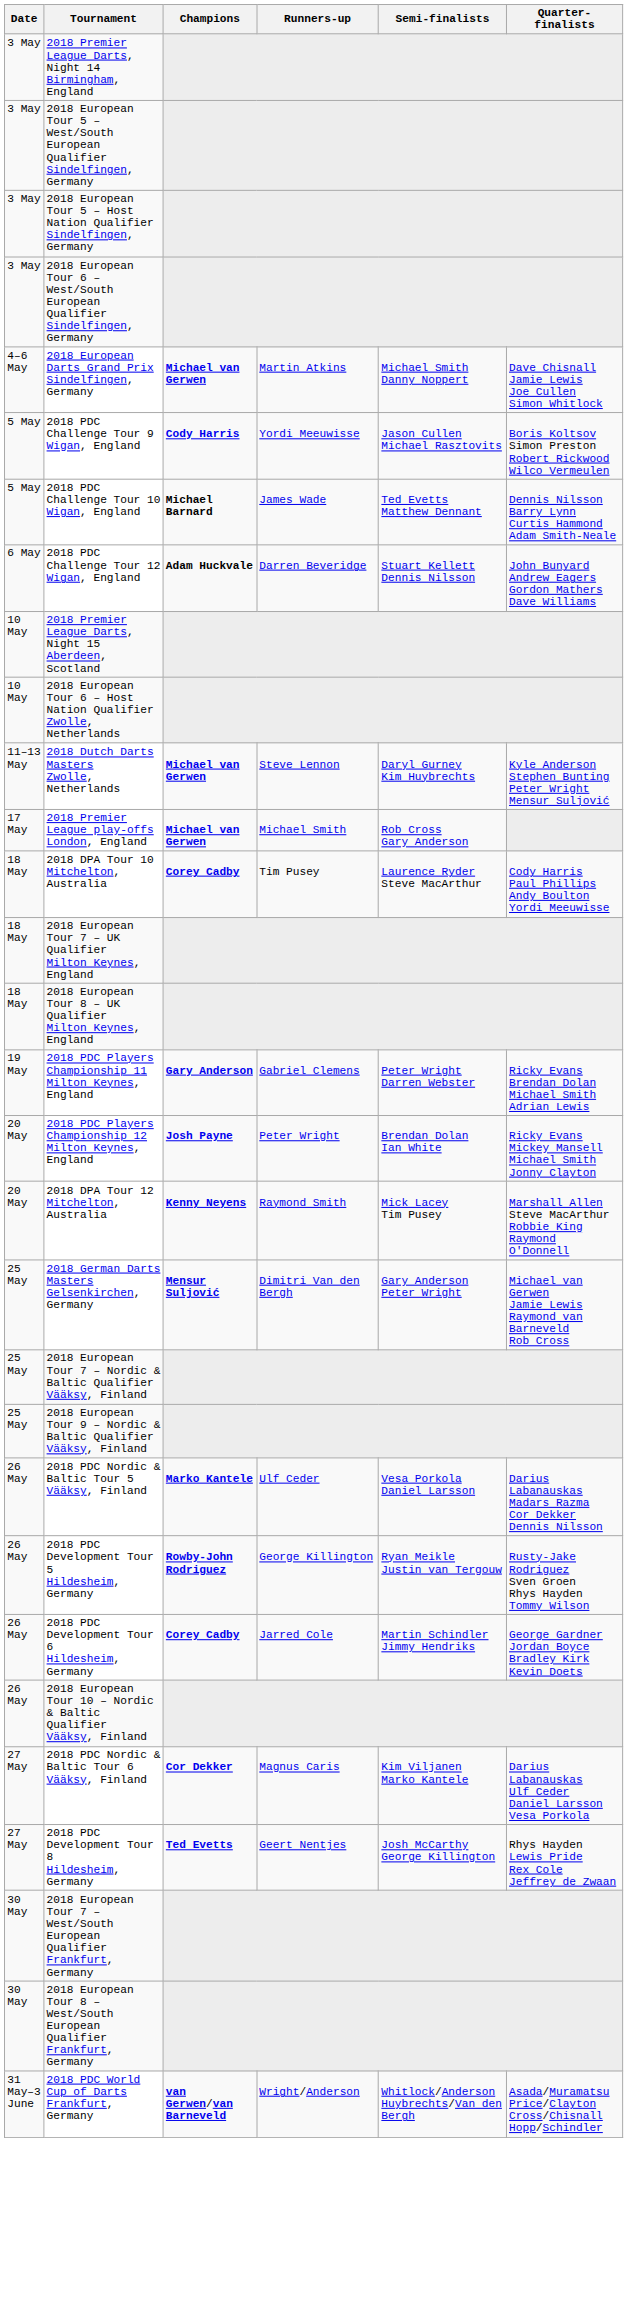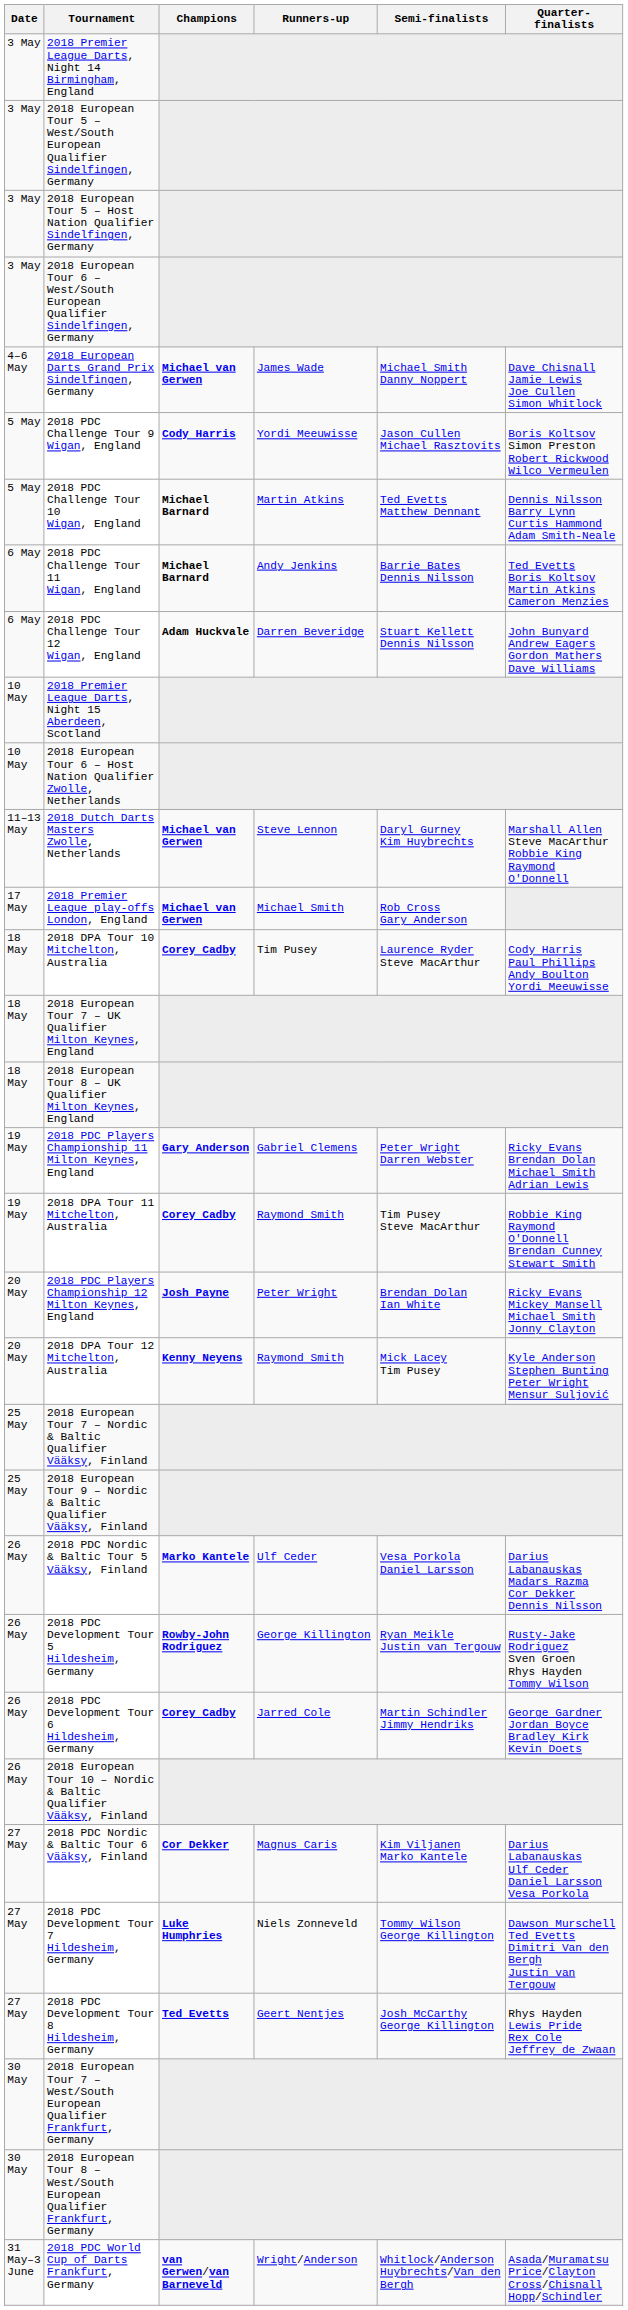 <table class=wikitable style=font-size:85%>
 <tr>
 <th width=75>Date</th>
 <th width=230>Tournament</th>
 <th width=210>Champions</th>
 <th width=210>Runners-up</th>
 <th width=170>Semi-finalists</th>
 <th width=170>Quarter-finalists</th>
 </tr>
 <tr valign="top">
 <td rowspan=1>3 May</td>
 <td><a href='#'>2018 Premier League Darts</a>, Night 14 <br><a href='#'>Birmingham</a>, England</td>
 <td colspan=4 bgcolor="#ededed"></td>
 </tr>
 <tr valign="top">
 <td rowspan=1>3 May</td>
 <td>2018 European Tour 5 – West/South European Qualifier <br><a href='#'>Sindelfingen</a>, Germany</td>
 <td colspan=4 bgcolor="#ededed"></td>
 </tr>
 <tr valign="top">
 <td rowspan=1>3 May</td>
 <td>2018 European Tour 5 – Host Nation Qualifier <br><a href='#'>Sindelfingen</a>, Germany</td>
 <td colspan=4 bgcolor="#ededed"></td>
 </tr>
 <tr valign="top">
 <td rowspan=1>3 May</td>
 <td>2018 European Tour 6 – West/South European Qualifier <br><a href='#'>Sindelfingen</a>, Germany</td>
 <td colspan=4 bgcolor="#ededed"></td>
 </tr>
 <tr valign="top">
 <td>4–6 May</td>
 <td bgcolor="#ffffff"><a href='#'>2018 European Darts Grand Prix</a><br><a href='#'>Sindelfingen</a>, Germany</td>
 <td><br> <strong><a href='#'>Michael van Gerwen</a></strong></td>
-<td><br> <a href='#'>Martin Atkins</a></td>
+<td><br> <a href='#'>James Wade</a></td>
 <td><br> <a href='#'>Michael Smith</a> <br>  <a href='#'>Danny Noppert</a></td>
 <td><br> <a href='#'>Dave Chisnall</a> <br>  <a href='#'>Jamie Lewis</a> <br>  <a href='#'>Joe Cullen</a> <br>  <a href='#'>Simon Whitlock</a></td>
 </tr>
 <tr valign="top">
 <td>5 May</td>
 <td bgcolor="#ffffff">2018 PDC Challenge Tour 9<br><a href='#'>Wigan</a>, England</td>
 <td><br> <strong><a href='#'>Cody Harris</a></strong></td>
 <td><br> <a href='#'>Yordi Meeuwisse</a></td>
 <td><br> <a href='#'>Jason Cullen</a> <br>  <a href='#'>Michael Rasztovits</a></td>
 <td><br> <a href='#'>Boris Koltsov</a> <br>  Simon Preston <br>  <a href='#'>Robert Rickwood</a> <br>  <a href='#'>Wilco Vermeulen</a></td>
 </tr>
 <tr valign="top">
 <td>5 May</td>
 <td bgcolor="#ffffff">2018 PDC Challenge Tour 10<br><a href='#'>Wigan</a>, England</td>
 <td><br> <strong>Michael Barnard</strong></td>
-<td><br> <a href='#'>James Wade</a></td>
+<td><br> <a href='#'>Martin Atkins</a></td>
 <td><br> <a href='#'>Ted Evetts</a> <br>  <a href='#'>Matthew Dennant</a></td>
 <td><br> <a href='#'>Dennis Nilsson</a> <br>  <a href='#'>Barry Lynn</a> <br>  <a href='#'>Curtis Hammond</a> <br>  <a href='#'>Adam Smith-Neale</a></td>
+</tr>
+<tr valign="top">
+<td>6 May</td>
+<td bgcolor="#ffffff">2018 PDC Challenge Tour 11<br><a href='#'>Wigan</a>, England</td>
+<td><br> <strong>Michael Barnard</strong></td>
+<td><br> <a href='#'>Andy Jenkins</a></td>
+<td><br> <a href='#'>Barrie Bates</a> <br>  <a href='#'>Dennis Nilsson</a></td>
+<td><br> <a href='#'>Ted Evetts</a> <br>  <a href='#'>Boris Koltsov</a> <br>  <a href='#'>Martin Atkins</a> <br>  <a href='#'>Cameron Menzies</a></td>
 </tr>
 <tr valign="top">
 <td>6 May</td>
 <td bgcolor="#ffffff">2018 PDC Challenge Tour 12<br><a href='#'>Wigan</a>, England</td>
 <td><br> <strong>Adam Huckvale</strong></td>
 <td><br> <a href='#'>Darren Beveridge</a></td>
 <td><br> <a href='#'>Stuart Kellett</a> <br>  <a href='#'>Dennis Nilsson</a></td>
 <td><br> <a href='#'>John Bunyard</a> <br>  <a href='#'>Andrew Eagers</a> <br>  <a href='#'>Gordon Mathers</a> <br>  <a href='#'>Dave Williams</a></td>
 </tr>
 <tr valign="top">
 <td rowspan=1>10 May</td>
 <td><a href='#'>2018 Premier League Darts</a>, Night 15<br><a href='#'>Aberdeen</a>, Scotland</td>
 <td colspan=4 bgcolor="#ededed"></td>
 </tr>
 <tr valign="top">
 <td rowspan=1>10 May</td>
 <td>2018 European Tour 6 – Host Nation Qualifier <br><a href='#'>Zwolle</a>, Netherlands</td>
 <td colspan=4 bgcolor="#ededed"></td>
 </tr>
 <tr valign="top">
 <td>11–13 May</td>
 <td bgcolor="#ffffff"><a href='#'>2018 Dutch Darts Masters</a><br><a href='#'>Zwolle</a>, Netherlands</td>
 <td><br> <strong><a href='#'>Michael van Gerwen</a></strong></td>
 <td><br> <a href='#'>Steve Lennon</a></td>
 <td><br> <a href='#'>Daryl Gurney</a> <br>  <a href='#'>Kim Huybrechts</a></td>
-<td><br> <a href='#'>Kyle Anderson</a> <br>  <a href='#'>Stephen Bunting</a> <br>  <a href='#'>Peter Wright</a> <br>  <a href='#'>Mensur Suljović</a></td>
+<td><br> <a href='#'>Marshall Allen</a> <br>  Steve MacArthur <br>  <a href='#'>Robbie King</a> <br>  <a href='#'>Raymond O'Donnell</a></td>
 </tr>
 <tr valign="top">
 <td>17 May</td>
 <td bgcolor="#ffffff"><a href='#'>2018 Premier League play-offs</a><br><a href='#'>London</a>, England</td>
 <td><br> <strong><a href='#'>Michael van Gerwen</a></strong></td>
 <td><br> <a href='#'>Michael Smith</a></td>
 <td><br> <a href='#'>Rob Cross</a> <br>  <a href='#'>Gary Anderson</a></td>
 <td bgcolor="#ededed"></td>
 </tr>
 <tr valign="top">
 <td>18 May</td>
 <td bgcolor="#ffffff">2018 DPA Tour 10<br><a href='#'>Mitchelton</a>, Australia</td>
 <td><br> <strong><a href='#'>Corey Cadby</a></strong></td>
 <td><br> Tim Pusey</td>
 <td><br> <a href='#'>Laurence Ryder</a> <br>  Steve MacArthur</td>
 <td><br> <a href='#'>Cody Harris</a> <br>  <a href='#'>Paul Phillips</a> <br>  <a href='#'>Andy Boulton</a> <br>  <a href='#'>Yordi Meeuwisse</a></td>
 </tr>
 <tr valign="top">
 <td rowspan=1>18 May</td>
 <td>2018 European Tour 7 – UK Qualifier <br><a href='#'>Milton Keynes</a>, England</td>
 <td colspan=4 bgcolor="#ededed"></td>
 </tr>
 <tr valign="top">
 <td rowspan=1>18 May</td>
 <td>2018 European Tour 8 – UK Qualifier <br><a href='#'>Milton Keynes</a>, England</td>
 <td colspan=4 bgcolor="#ededed"></td>
 </tr>
 <tr valign="top">
 <td>19 May</td>
 <td bgcolor="#ffffff"><a href='#'>2018 PDC Players Championship 11</a><br><a href='#'>Milton Keynes</a>, England</td>
 <td><br> <strong><a href='#'>Gary Anderson</a></strong></td>
 <td><br> <a href='#'>Gabriel Clemens</a></td>
 <td><br> <a href='#'>Peter Wright</a> <br>  <a href='#'>Darren Webster</a></td>
 <td><br> <a href='#'>Ricky Evans</a> <br>  <a href='#'>Brendan Dolan</a> <br>  <a href='#'>Michael Smith</a> <br>  <a href='#'>Adrian Lewis</a></td>
 </tr>
 <tr valign="top">
+<td>19 May</td>
+<td bgcolor="#ffffff">2018 DPA Tour 11<br><a href='#'>Mitchelton</a>, Australia</td>
+<td><br> <strong><a href='#'>Corey Cadby</a></strong></td>
+<td><br> <a href='#'>Raymond Smith</a></td>
+<td><br> Tim Pusey <br>  Steve MacArthur</td>
+<td><br> <a href='#'>Robbie King</a> <br>  <a href='#'>Raymond O'Donnell</a> <br>  <a href='#'>Brendan Cunney</a> <br>  <a href='#'>Stewart Smith</a></td>
+</tr>
+<tr valign="top">
 <td>20 May</td>
 <td bgcolor="#ffffff"><a href='#'>2018 PDC Players Championship 12</a><br><a href='#'>Milton Keynes</a>, England</td>
 <td><br> <strong><a href='#'>Josh Payne</a></strong></td>
 <td><br> <a href='#'>Peter Wright</a></td>
 <td><br> <a href='#'>Brendan Dolan</a> <br>  <a href='#'>Ian White</a></td>
 <td><br> <a href='#'>Ricky Evans</a> <br>  <a href='#'>Mickey Mansell</a> <br>  <a href='#'>Michael Smith</a> <br>  <a href='#'>Jonny Clayton</a></td>
 </tr>
 <tr valign="top">
 <td>20 May</td>
 <td bgcolor="#ffffff">2018 DPA Tour 12<br><a href='#'>Mitchelton</a>, Australia</td>
 <td><br> <strong><a href='#'>Kenny Neyens</a></strong></td>
 <td><br> <a href='#'>Raymond Smith</a></td>
 <td><br> <a href='#'>Mick Lacey</a> <br>  Tim Pusey</td>
-<td><br> <a href='#'>Marshall Allen</a> <br>  Steve MacArthur <br>  <a href='#'>Robbie King</a> <br>  <a href='#'>Raymond O'Donnell</a></td>
-</tr>
-<tr valign="top">
-<td>25 May</td>
-<td bgcolor="#ffffff"><a href='#'>2018 German Darts Masters</a><br><a href='#'>Gelsenkirchen</a>, Germany</td>
-<td><br> <strong><a href='#'>Mensur Suljović</a></strong></td>
-<td><br> <a href='#'>Dimitri Van den Bergh</a></td>
-<td><br> <a href='#'>Gary Anderson</a> <br>  <a href='#'>Peter Wright</a></td>
-<td><br> <a href='#'>Michael van Gerwen</a> <br>  <a href='#'>Jamie Lewis</a> <br>  <a href='#'>Raymond van Barneveld</a> <br>  <a href='#'>Rob Cross</a></td>
+<td><br> <a href='#'>Kyle Anderson</a> <br>  <a href='#'>Stephen Bunting</a> <br>  <a href='#'>Peter Wright</a> <br>  <a href='#'>Mensur Suljović</a></td>
 </tr>
 <tr valign="top">
 <td rowspan=1>25 May</td>
 <td>2018 European Tour 7 – Nordic & Baltic Qualifier <br><a href='#'>Vääksy</a>, Finland</td>
 <td colspan=4 bgcolor="#ededed"></td>
 </tr>
 <tr valign="top">
 <td rowspan=1>25 May</td>
 <td>2018 European Tour 9 – Nordic & Baltic Qualifier <br><a href='#'>Vääksy</a>, Finland</td>
 <td colspan=4 bgcolor="#ededed"></td>
 </tr>
 <tr valign="top">
 <td>26 May</td>
 <td bgcolor="#ffffff">2018 PDC Nordic & Baltic Tour 5<br><a href='#'>Vääksy</a>, Finland</td>
 <td><br> <strong><a href='#'>Marko Kantele</a></strong></td>
 <td><br> <a href='#'>Ulf Ceder</a></td>
 <td><br> <a href='#'>Vesa Porkola</a> <br>  <a href='#'>Daniel Larsson</a></td>
 <td><br> <a href='#'>Darius Labanauskas</a> <br>  <a href='#'>Madars Razma</a> <br>  <a href='#'>Cor Dekker</a> <br>  <a href='#'>Dennis Nilsson</a></td>
 </tr>
 <tr valign="top">
 <td>26 May</td>
 <td bgcolor="#ffffff">2018 PDC Development Tour 5<br><a href='#'>Hildesheim</a>, Germany</td>
 <td><br> <strong><a href='#'>Rowby-John Rodriguez</a></strong></td>
 <td><br> <a href='#'>George Killington</a></td>
 <td><br> <a href='#'>Ryan Meikle</a> <br>  <a href='#'>Justin van Tergouw</a></td>
 <td><br> <a href='#'>Rusty-Jake Rodriguez</a> <br>  Sven Groen <br>  Rhys Hayden <br>  <a href='#'>Tommy Wilson</a></td>
 </tr>
 <tr valign="top">
 <td>26 May</td>
 <td bgcolor="#ffffff">2018 PDC Development Tour 6<br><a href='#'>Hildesheim</a>, Germany</td>
 <td><br> <strong><a href='#'>Corey Cadby</a></strong></td>
 <td><br> <a href='#'>Jarred Cole</a></td>
 <td><br> <a href='#'>Martin Schindler</a> <br>  <a href='#'>Jimmy Hendriks</a></td>
 <td><br> <a href='#'>George Gardner</a> <br>  <a href='#'>Jordan Boyce</a> <br>  <a href='#'>Bradley Kirk</a> <br>  <a href='#'>Kevin Doets</a></td>
 </tr>
 <tr valign="top">
 <td rowspan=1>26 May</td>
 <td>2018 European Tour 10 – Nordic & Baltic Qualifier <br><a href='#'>Vääksy</a>, Finland</td>
 <td colspan=4 bgcolor="#ededed"></td>
 </tr>
 <tr valign="top">
 <td>27 May</td>
 <td bgcolor="#ffffff">2018 PDC Nordic & Baltic Tour 6<br><a href='#'>Vääksy</a>, Finland</td>
 <td><br> <strong><a href='#'>Cor Dekker</a></strong></td>
 <td><br> <a href='#'>Magnus Caris</a></td>
 <td><br> <a href='#'>Kim Viljanen</a> <br>  <a href='#'>Marko Kantele</a></td>
 <td><br> <a href='#'>Darius Labanauskas</a> <br>  <a href='#'>Ulf Ceder</a> <br>  <a href='#'>Daniel Larsson</a> <br>  <a href='#'>Vesa Porkola</a></td>
 </tr>
 <tr valign="top">
 <td>27 May</td>
+<td bgcolor="#ffffff">2018 PDC Development Tour 7<br><a href='#'>Hildesheim</a>, Germany</td>
+<td><br> <strong><a href='#'>Luke Humphries</a></strong></td>
+<td><br> Niels Zonneveld</td>
+<td><br> <a href='#'>Tommy Wilson</a> <br>  <a href='#'>George Killington</a></td>
+<td><br> <a href='#'>Dawson Murschell</a> <br>  <a href='#'>Ted Evetts</a> <br>  <a href='#'>Dimitri Van den Bergh</a> <br>  <a href='#'>Justin van Tergouw</a></td>
+</tr>
+<tr valign="top">
+<td>27 May</td>
 <td bgcolor="#ffffff">2018 PDC Development Tour 8<br><a href='#'>Hildesheim</a>, Germany</td>
 <td><br> <strong><a href='#'>Ted Evetts</a></strong></td>
 <td><br> <a href='#'>Geert Nentjes</a></td>
 <td><br> <a href='#'>Josh McCarthy</a> <br>  <a href='#'>George Killington</a></td>
 <td><br> Rhys Hayden <br>  <a href='#'>Lewis Pride</a> <br>  <a href='#'>Rex Cole</a> <br>  <a href='#'>Jeffrey de Zwaan</a></td>
 </tr>
 <tr valign="top">
 <td rowspan=1>30 May</td>
 <td>2018 European Tour 7 – West/South European Qualifier <br><a href='#'>Frankfurt</a>, Germany</td>
 <td colspan=4 bgcolor="#ededed"></td>
 </tr>
 <tr valign="top">
 <td rowspan=1>30 May</td>
 <td>2018 European Tour 8 – West/South European Qualifier <br><a href='#'>Frankfurt</a>, Germany</td>
 <td colspan=4 bgcolor="#ededed"></td>
 </tr>
 <tr valign="top">
 <td>31 May–3 June</td>
 <td bgcolor="#ffffff"><a href='#'>2018 PDC World Cup of Darts</a><br><a href='#'>Frankfurt</a>, Germany</td>
 <td><br> <strong><a href='#'>van Gerwen</a></strong>/<strong><a href='#'>van Barneveld</a></strong></td>
 <td><br> <a href='#'>Wright</a>/<a href='#'>Anderson</a></td>
 <td><br> <a href='#'>Whitlock</a>/<a href='#'>Anderson</a> <br>  <a href='#'>Huybrechts</a>/<a href='#'>Van den Bergh</a></td>
 <td><br> <a href='#'>Asada</a>/<a href='#'>Muramatsu</a> <br>  <a href='#'>Price</a>/<a href='#'>Clayton</a> <br>  <a href='#'>Cross</a>/<a href='#'>Chisnall</a> <br>  <a href='#'>Hopp</a>/<a href='#'>Schindler</a></td>
 </tr>
 </table>
